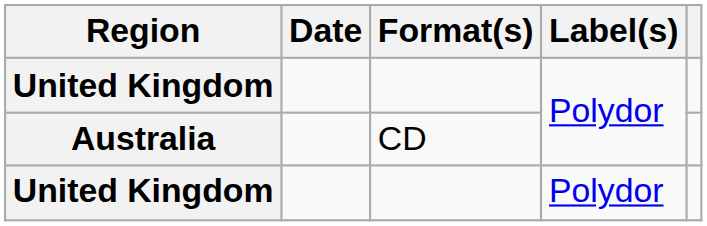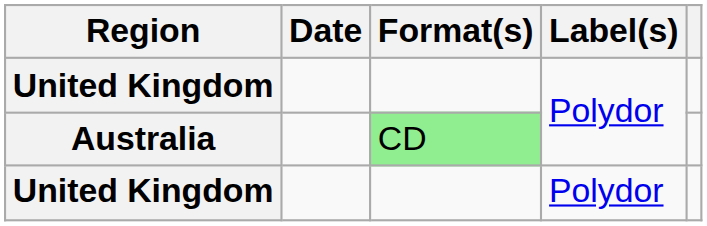 <table class="wikitable plainrowheaders">
 <tr>
 <th scope="col">Region</th>
 <th scope="col">Date</th>
 <th scope="col">Format(s)</th>
 <th scope="col">Label(s)</th>
 <th scope="col"></th>
 </tr>
 <tr>
 <th scope="row">United Kingdom</th>
 <td></td>
 <td></td>
 <td rowspan="2"><a href='#'>Polydor</a></td>
 <td></td>
 </tr>
 <tr>
 <th scope="row">Australia</th>
 <td></td>
-<td>CD</td>
+<td style="background: lightgreen;">CD</td>
 <td></td>
 </tr>
 <tr>
 <th scope="row">United Kingdom</th>
 <td></td>
 <td></td>
 <td rowspan="2"><a href='#'>Polydor</a></td>
 <td></td>
 </tr>
 </table>
